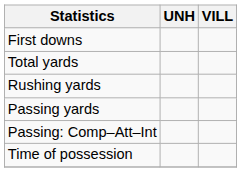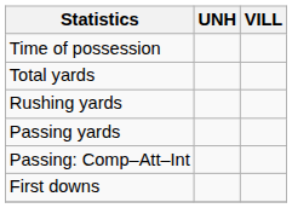 <table class="wikitable" style="float: left;">
 <tr>
 <th>Statistics</th>
 <th>UNH</th>
 <th>VILL</th>
 </tr>
 <tr>
-<td>First downs</td>
+<td>Time of possession</td>
 <td></td>
 <td></td>
 </tr>
 <tr>
 <td>Total yards</td>
 <td></td>
 <td></td>
 </tr>
 <tr>
 <td>Rushing yards</td>
 <td></td>
 <td></td>
 </tr>
 <tr>
 <td>Passing yards</td>
 <td></td>
 <td></td>
 </tr>
 <tr>
 <td>Passing: Comp–Att–Int</td>
 <td></td>
 <td></td>
 </tr>
 <tr>
-<td>Time of possession</td>
+<td>First downs</td>
 <td></td>
 <td></td>
 </tr>
 <tr>
 </tr>
 </table>
